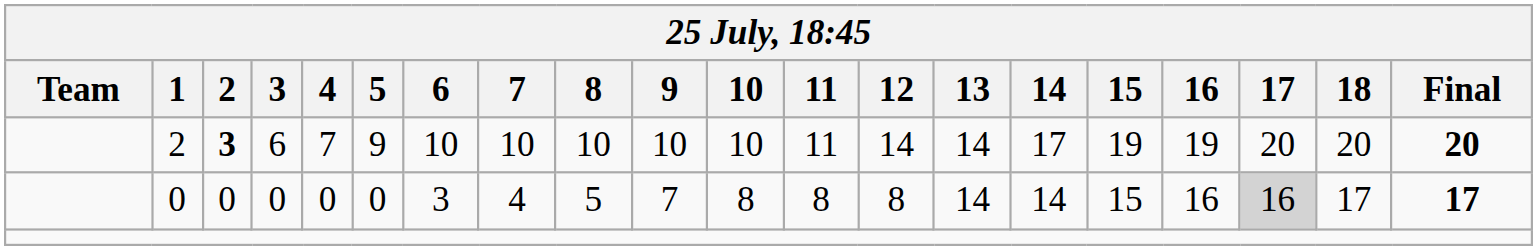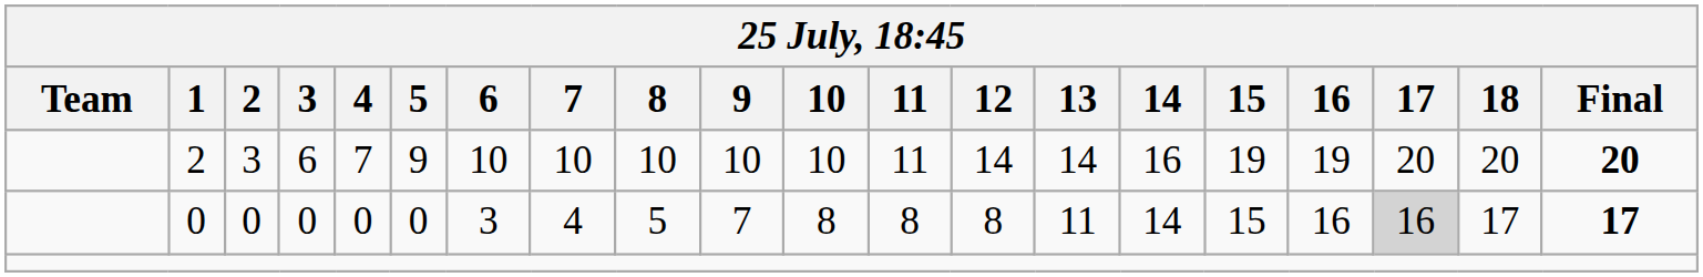 <table class=wikitable style="text-align:center; width: 55%">
 <tr>
 <th colspan=20><em>25 July, 18:45</em></th>
 </tr>
 <tr>
 <th>Team</th>
 <th>1</th>
 <th>2</th>
 <th>3</th>
 <th>4</th>
 <th>5</th>
 <th>6</th>
 <th>7</th>
 <th>8</th>
 <th>9</th>
 <th>10</th>
 <th>11</th>
 <th>12</th>
 <th>13</th>
 <th>14</th>
 <th>15</th>
 <th>16</th>
 <th>17</th>
 <th>18</th>
 <th>Final</th>
 </tr>
 <tr>
 <td align=left><strong></strong></td>
 <td>2</td>
-<td><strong>3</strong></td>
+<td>3</td>
 <td>6</td>
 <td>7</td>
 <td>9</td>
 <td>10</td>
 <td>10</td>
 <td>10</td>
 <td>10</td>
 <td>10</td>
 <td>11</td>
 <td>14</td>
 <td>14</td>
-<td>17</td>
+<td>16</td>
 <td>19</td>
 <td>19</td>
 <td>20</td>
 <td>20</td>
 <td><strong>20</strong></td>
 </tr>
 <tr>
 <td align=left></td>
 <td>0</td>
 <td>0</td>
 <td>0</td>
 <td>0</td>
 <td>0</td>
 <td>3</td>
 <td>4</td>
 <td>5</td>
 <td>7</td>
 <td>8</td>
 <td>8</td>
 <td>8</td>
-<td>14</td>
+<td>11</td>
 <td>14</td>
 <td>15</td>
 <td>16</td>
 <td style="background: lightgrey;">16</td>
 <td>17</td>
 <td><strong>17</strong></td>
 </tr>
 <tr>
 <td colspan=20></td>
 </tr>
 </table>
